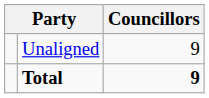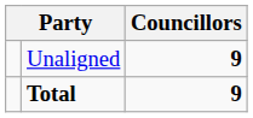 <table class="wikitable">
 <tr>
 <th colspan="2">Party</th>
 <th>Councillors</th>
 </tr>
 <tr>
 <td> </td>
 <td><a href='#'>Unaligned</a></td>
-<td align=right>9</td>
+<td align=right><strong>9</strong></td>
 </tr>
 <tr>
 <td></td>
 <td><strong>Total</strong></td>
 <td align=right><strong>9</strong></td>
 </tr>
 </table>
